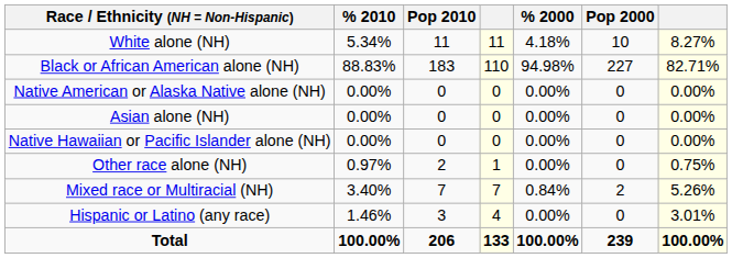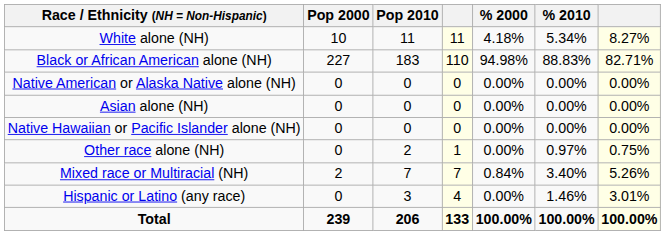 <table class="wikitable" style="text-align:center;">
 <tr>
 <th>Race / Ethnicity <small>(<em>NH = Non-Hispanic</em>)</small></th>
-<th>% 2010</th>
+<th>Pop 2000</th>
 <th>Pop 2010</th>
 <th></th>
 <th>% 2000</th>
-<th>Pop 2000</th>
+<th>% 2010</th>
 <th></th>
 </tr>
 <tr>
 <td><a href='#'>White</a> alone (NH)</td>
-<td>5.34%</td>
+<td>10</td>
 <td>11</td>
 <td style='background: #ffffe6;'>11</td>
 <td>4.18%</td>
-<td>10</td>
+<td>5.34%</td>
 <td style='background: #ffffe6;'>8.27%</td>
 </tr>
 <tr>
 <td><a href='#'>Black or African American</a> alone (NH)</td>
-<td>88.83%</td>
+<td>227</td>
 <td>183</td>
 <td style='background: #ffffe6;'>110</td>
 <td>94.98%</td>
-<td>227</td>
+<td>88.83%</td>
 <td style='background: #ffffe6;'>82.71%</td>
 </tr>
 <tr>
 <td><a href='#'>Native American</a> or <a href='#'>Alaska Native</a> alone (NH)</td>
-<td>0.00%</td>
+<td>0</td>
 <td>0</td>
 <td style='background: #ffffe6;'>0</td>
 <td>0.00%</td>
-<td>0</td>
+<td>0.00%</td>
 <td style='background: #ffffe6;'>0.00%</td>
 </tr>
 <tr>
 <td><a href='#'>Asian</a> alone (NH)</td>
-<td>0.00%</td>
+<td>0</td>
 <td>0</td>
 <td style='background: #ffffe6;'>0</td>
 <td>0.00%</td>
-<td>0</td>
+<td>0.00%</td>
 <td style='background: #ffffe6;'>0.00%</td>
 </tr>
 <tr>
 <td><a href='#'>Native Hawaiian</a> or <a href='#'>Pacific Islander</a> alone (NH)</td>
-<td>0.00%</td>
+<td>0</td>
 <td>0</td>
 <td style='background: #ffffe6;'>0</td>
 <td>0.00%</td>
-<td>0</td>
+<td>0.00%</td>
 <td style='background: #ffffe6;'>0.00%</td>
 </tr>
 <tr>
 <td><a href='#'>Other race</a> alone (NH)</td>
-<td>0.97%</td>
+<td>0</td>
 <td>2</td>
 <td style='background: #ffffe6;'>1</td>
 <td>0.00%</td>
-<td>0</td>
+<td>0.97%</td>
 <td style='background: #ffffe6;'>0.75%</td>
 </tr>
 <tr>
 <td><a href='#'>Mixed race or Multiracial</a> (NH)</td>
-<td>3.40%</td>
+<td>2</td>
 <td>7</td>
 <td style='background: #ffffe6;'>7</td>
 <td>0.84%</td>
-<td>2</td>
+<td>3.40%</td>
 <td style='background: #ffffe6;'>5.26%</td>
 </tr>
 <tr>
 <td><a href='#'>Hispanic or Latino</a> (any race)</td>
-<td>1.46%</td>
+<td>0</td>
 <td>3</td>
 <td style='background: #ffffe6;'>4</td>
 <td>0.00%</td>
-<td>0</td>
+<td>1.46%</td>
 <td style='background: #ffffe6;'>3.01%</td>
 </tr>
 <tr>
 <td><strong>Total</strong></td>
-<td><strong>100.00%</strong></td>
+<td><strong>239</strong></td>
 <td><strong>206</strong></td>
 <td style='background: #ffffe6;'><strong>133</strong></td>
 <td><strong>100.00%</strong></td>
-<td><strong>239</strong></td>
+<td><strong>100.00%</strong></td>
 <td style='background: #ffffe6;'><strong>100.00%</strong></td>
 </tr>
 </table>
